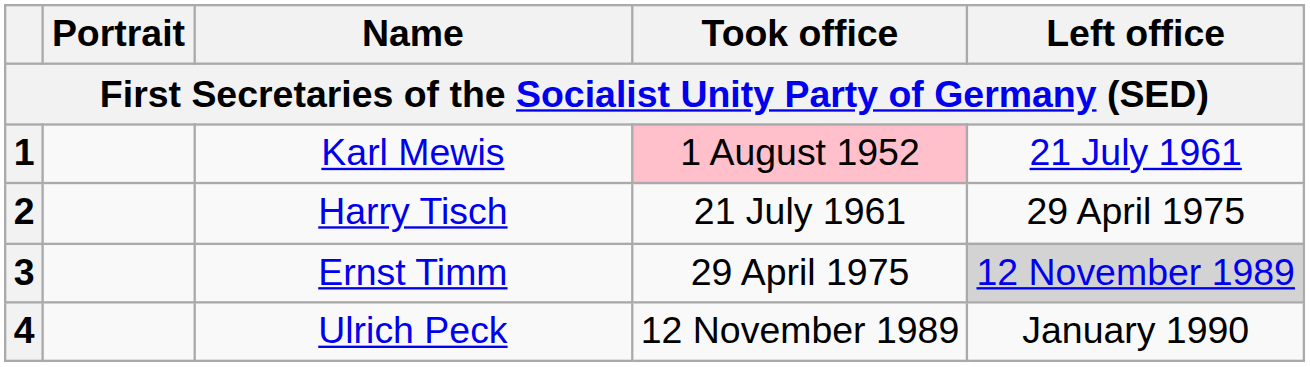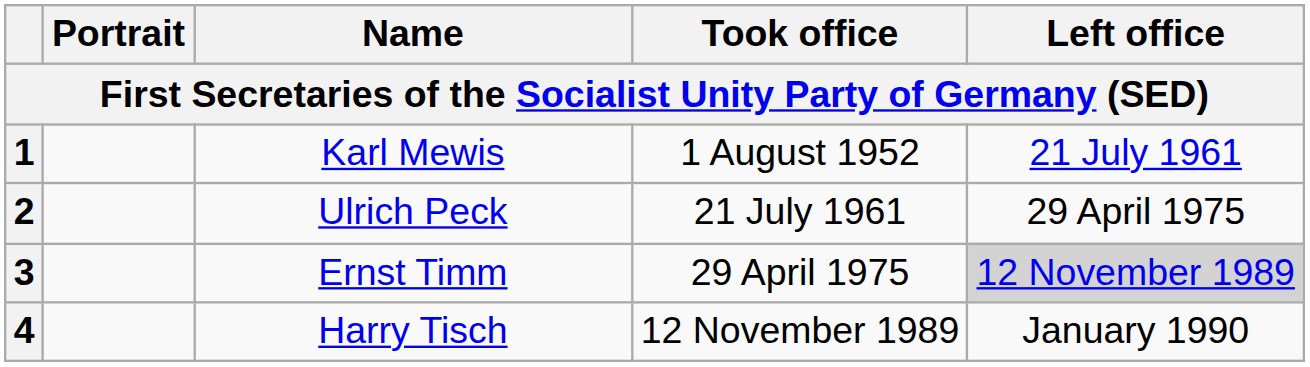 <table class="wikitable" style="text-align:center">
 <tr>
 <th></th>
 <th>Portrait</th>
 <th width=180>Name<br></th>
 <th>Took office</th>
 <th>Left office</th>
 </tr>
 <tr>
 <th colspan=5>First Secretaries of the <a href='#'>Socialist Unity Party of Germany</a> (SED)</th>
 </tr>
 <tr>
 <th style="background:">1</th>
 <td></td>
 <td><a href='#'>Karl Mewis</a><br></td>
-<td style="background: pink;">1 August 1952</td>
+<td>1 August 1952</td>
 <td><a href='#'>21 July 1961<br></a></td>
 </tr>
 <tr>
 <th style="background:">2</th>
 <td></td>
-<td><a href='#'>Harry Tisch</a><br></td>
+<td><a href='#'>Ulrich Peck</a><br></td>
 <td>21 July 1961</td>
 <td>29 April 1975<br></td>
 </tr>
 <tr>
 <th style="background:">3</th>
 <td></td>
 <td><a href='#'>Ernst Timm</a><br></td>
 <td>29 April 1975</td>
 <td style="background: lightgrey;"><a href='#'>12 November 1989<br></a></td>
 </tr>
 <tr>
 <th style="background:">4</th>
 <td></td>
-<td><a href='#'>Ulrich Peck</a><br></td>
+<td><a href='#'>Harry Tisch</a><br></td>
 <td>12 November 1989</td>
 <td>January 1990</td>
 </tr>
 </table>
